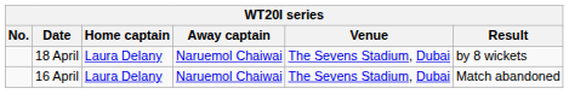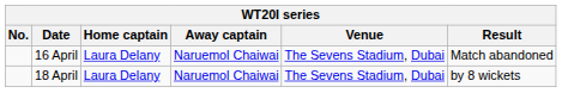 <table class="wikitable">
 <tr>
 <th colspan="6">WT20I series</th>
 </tr>
 <tr>
 <th>No.</th>
 <th>Date</th>
 <th>Home captain</th>
 <th>Away captain</th>
 <th>Venue</th>
 <th>Result</th>
 </tr>
 <tr>
 <td></td>
+<td>16 April</td>
+<td><a href='#'>Laura Delany</a></td>
+<td><a href='#'>Naruemol Chaiwai</a></td>
+<td><a href='#'>The Sevens Stadium</a>, <a href='#'>Dubai</a></td>
+<td>Match abandoned</td>
+</tr>
+<tr>
+<td></td>
 <td>18 April</td>
 <td><a href='#'>Laura Delany</a></td>
 <td><a href='#'>Naruemol Chaiwai</a></td>
 <td><a href='#'>The Sevens Stadium</a>, <a href='#'>Dubai</a></td>
 <td> by 8 wickets</td>
 </tr>
-<tr>
-<td></td>
-<td>16 April</td>
-<td><a href='#'>Laura Delany</a></td>
-<td><a href='#'>Naruemol Chaiwai</a></td>
-<td><a href='#'>The Sevens Stadium</a>, <a href='#'>Dubai</a></td>
-<td>Match abandoned</td>
-</tr>
 </table>
